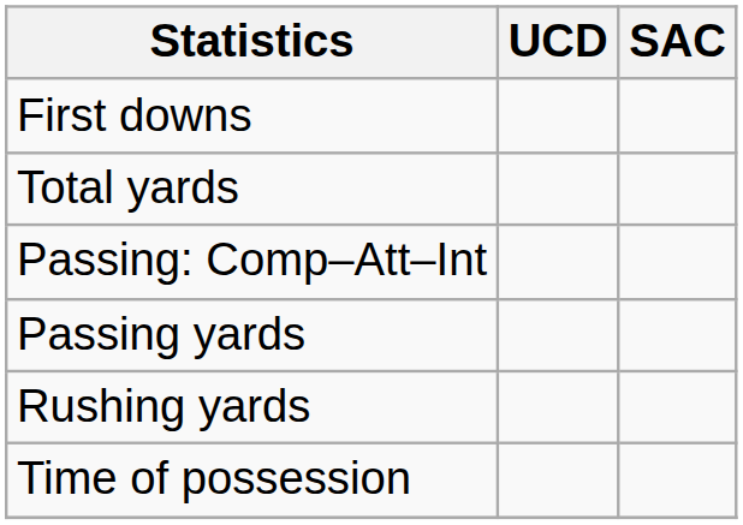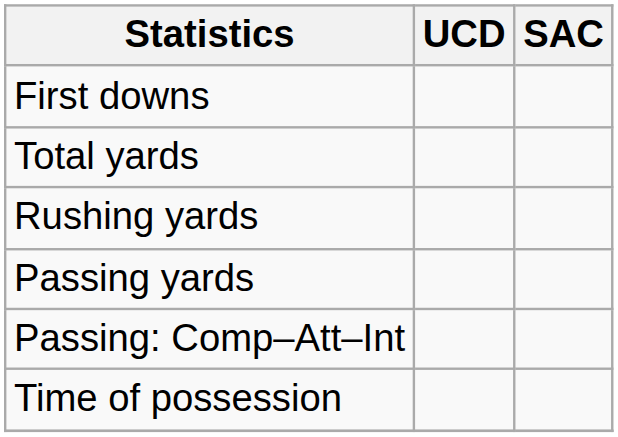 <table class="wikitable" style="float: left;">
 <tr>
 <th>Statistics</th>
 <th>UCD</th>
 <th>SAC</th>
 </tr>
 <tr>
 <td>First downs</td>
 <td></td>
 <td></td>
 </tr>
 <tr>
 <td>Total yards</td>
 <td></td>
 <td></td>
 </tr>
 <tr>
-<td>Passing: Comp–Att–Int</td>
+<td>Rushing yards</td>
 <td></td>
 <td></td>
 </tr>
 <tr>
 <td>Passing yards</td>
 <td></td>
 <td></td>
 </tr>
 <tr>
-<td>Rushing yards</td>
+<td>Passing: Comp–Att–Int</td>
 <td></td>
 <td></td>
 </tr>
 <tr>
 <td>Time of possession</td>
 <td></td>
 <td></td>
 </tr>
 <tr>
 </tr>
 </table>
